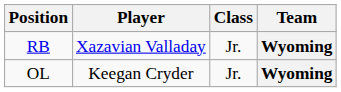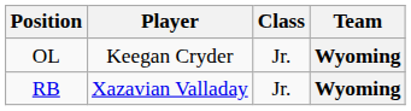 <table class="wikitable sortable" border="1">
 <tr>
 <th>Position</th>
 <th>Player</th>
 <th>Class</th>
 <th>Team</th>
 </tr>
 <tr>
+<td style="text-align:center;">OL</td>
+<td style="text-align:center;">Keegan Cryder</td>
+<td style="text-align:center;">Jr.</td>
+<th>Wyoming</th>
+</tr>
+<tr>
 <td style="text-align:center;"><a href='#'>RB</a></td>
 <td style="text-align:center;"><a href='#'>Xazavian Valladay</a></td>
 <td style="text-align:center;">Jr.</td>
 <th>Wyoming</th>
 </tr>
-<tr>
-<td style="text-align:center;">OL</td>
-<td style="text-align:center;">Keegan Cryder</td>
-<td style="text-align:center;">Jr.</td>
-<th>Wyoming</th>
-</tr>
 </table>
